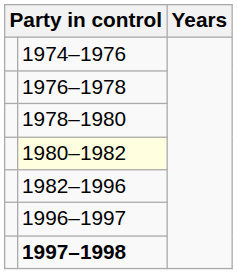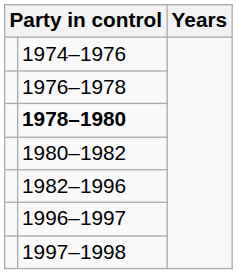 <table class="wikitable">
 <tr>
 <th colspan="2">Party in control</th>
 <th>Years</th>
 </tr>
 <tr>
 <td></td>
 <td>1974–1976</td>
 </tr>
 <tr>
 <td></td>
 <td>1976–1978</td>
 </tr>
 <tr>
 <td></td>
-<td>1978–1980</td>
+<td><strong>1978–1980</strong></td>
 </tr>
 <tr>
 <td></td>
-<td style="background: lightyellow;">1980–1982</td>
+<td>1980–1982</td>
 </tr>
 <tr>
 <td></td>
 <td>1982–1996</td>
 </tr>
 <tr>
 <td></td>
 <td>1996–1997</td>
 </tr>
 <tr>
 <td></td>
-<td><strong>1997–1998</strong></td>
+<td>1997–1998</td>
 </tr>
 </table>
